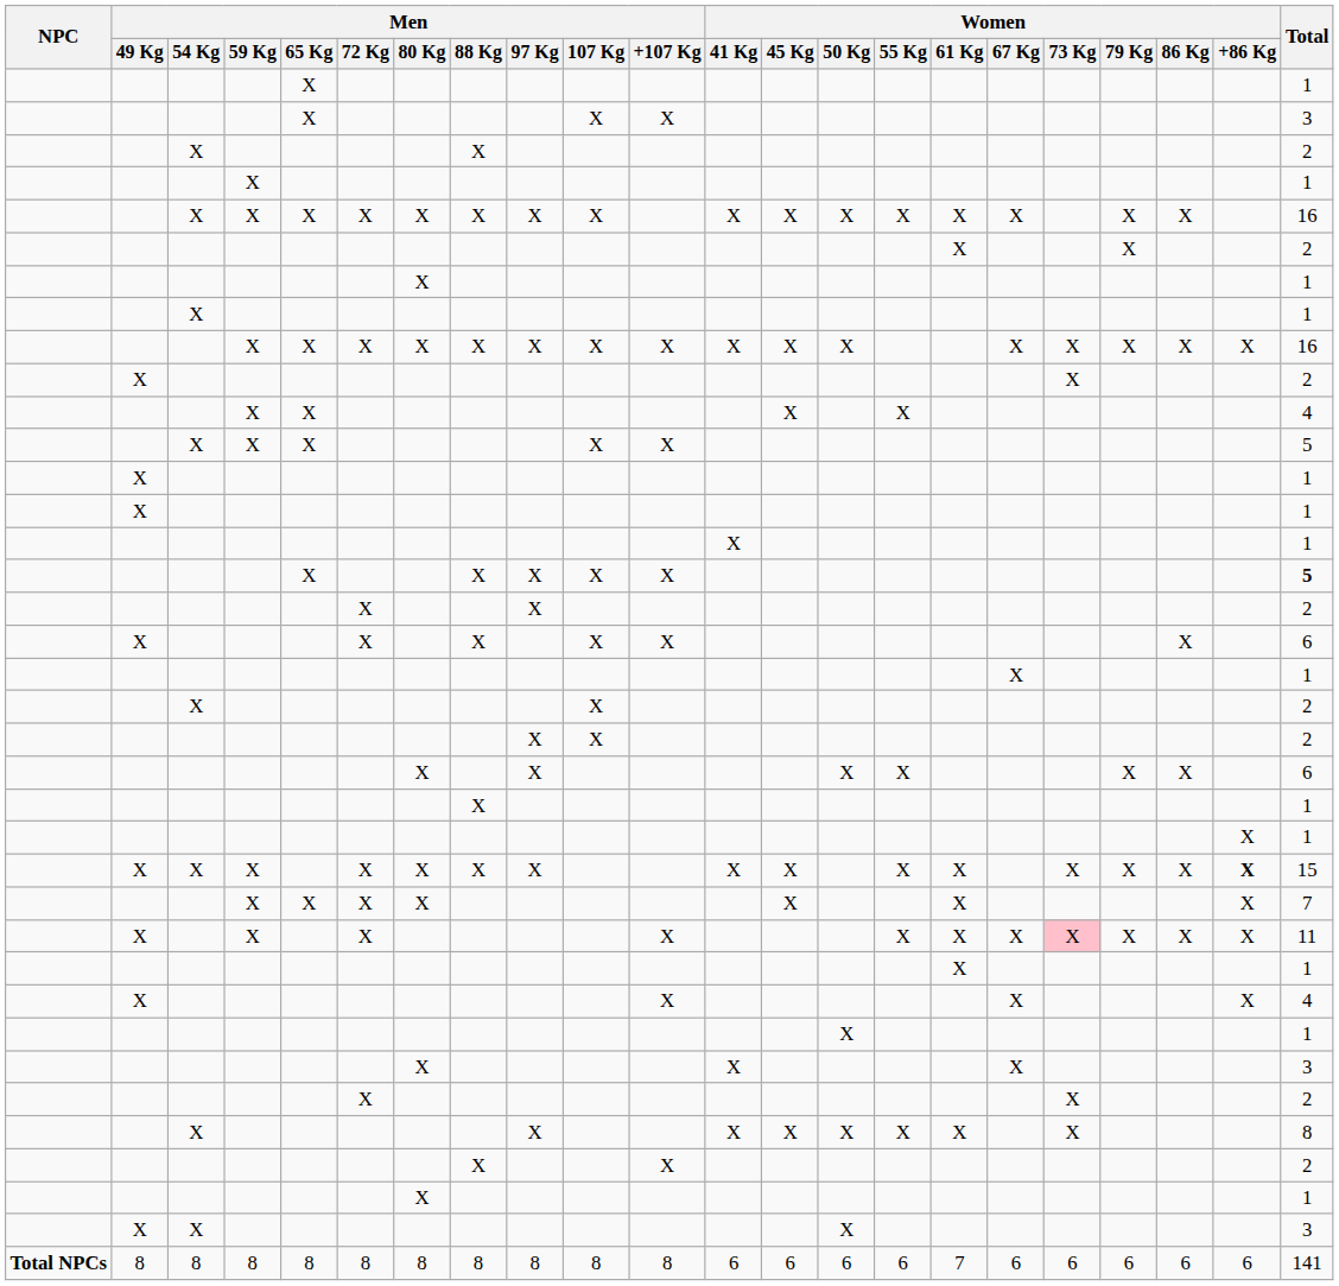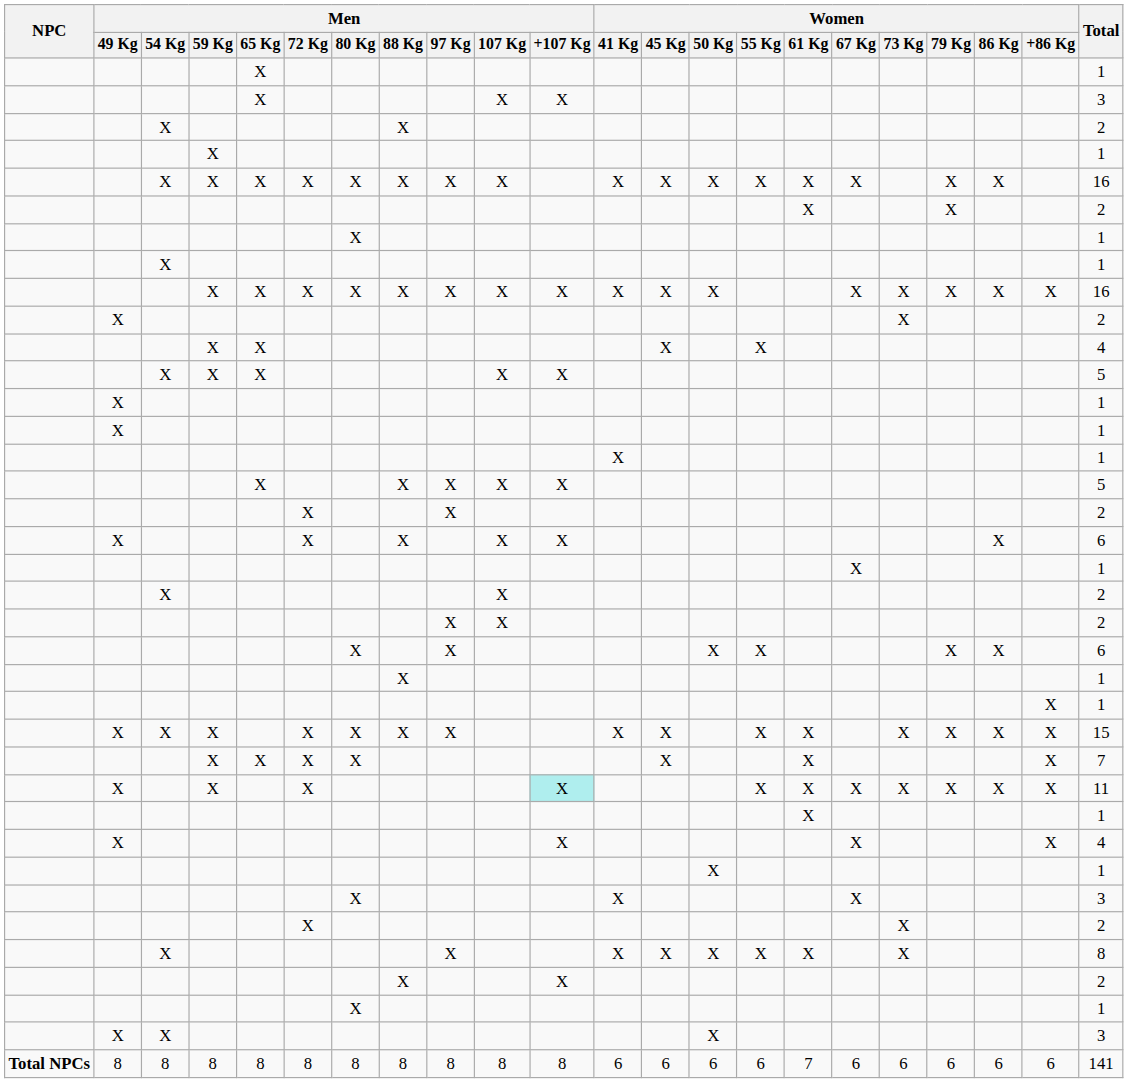 <table class="wikitable" style="font-size:90%;">
 <tr>
 <th rowspan=2>NPC</th>
 <th colspan=10>Men</th>
 <th colspan=10>Women</th>
 <th rowspan=2>Total</th>
 </tr>
 <tr style="font-size:95%">
 <th>49 Kg</th>
 <th>54 Kg</th>
 <th>59 Kg</th>
 <th>65 Kg</th>
 <th>72 Kg</th>
 <th>80 Kg</th>
 <th>88 Kg</th>
 <th>97 Kg</th>
 <th>107 Kg</th>
 <th>+107 Kg</th>
 <th>41 Kg</th>
 <th>45 Kg</th>
 <th>50 Kg</th>
 <th>55 Kg</th>
 <th>61 Kg</th>
 <th>67 Kg</th>
 <th>73 Kg</th>
 <th>79 Kg</th>
 <th>86 Kg</th>
 <th>+86 Kg</th>
 </tr>
 <tr align=center>
 <td align=left></td>
 <td></td>
 <td></td>
 <td></td>
 <td>X</td>
 <td></td>
 <td></td>
 <td></td>
 <td></td>
 <td></td>
 <td></td>
 <td></td>
 <td></td>
 <td></td>
 <td></td>
 <td></td>
 <td></td>
 <td></td>
 <td></td>
 <td></td>
 <td></td>
 <td>1</td>
 </tr>
 <tr align=center>
 <td align=left></td>
 <td></td>
 <td></td>
 <td></td>
 <td>X</td>
 <td></td>
 <td></td>
 <td></td>
 <td></td>
 <td>X</td>
 <td>X</td>
 <td></td>
 <td></td>
 <td></td>
 <td></td>
 <td></td>
 <td></td>
 <td></td>
 <td></td>
 <td></td>
 <td></td>
 <td>3</td>
 </tr>
 <tr align=center>
 <td align=left></td>
 <td></td>
 <td>X</td>
 <td></td>
 <td></td>
 <td></td>
 <td></td>
 <td>X</td>
 <td></td>
 <td></td>
 <td></td>
 <td></td>
 <td></td>
 <td></td>
 <td></td>
 <td></td>
 <td></td>
 <td></td>
 <td></td>
 <td></td>
 <td></td>
 <td>2</td>
 </tr>
 <tr align=center>
 <td align=left></td>
 <td></td>
 <td></td>
 <td>X</td>
 <td></td>
 <td></td>
 <td></td>
 <td></td>
 <td></td>
 <td></td>
 <td></td>
 <td></td>
 <td></td>
 <td></td>
 <td></td>
 <td></td>
 <td></td>
 <td></td>
 <td></td>
 <td></td>
 <td></td>
 <td>1</td>
 </tr>
 <tr align=center>
 <td align=left></td>
 <td></td>
 <td>X</td>
 <td>X</td>
 <td>X</td>
 <td>X</td>
 <td>X</td>
 <td>X</td>
 <td>X</td>
 <td>X</td>
 <td></td>
 <td>X</td>
 <td>X</td>
 <td>X</td>
 <td>X</td>
 <td>X</td>
 <td>X</td>
 <td></td>
 <td>X</td>
 <td>X</td>
 <td></td>
 <td>16</td>
 </tr>
 <tr align=center>
 <td align=left></td>
 <td></td>
 <td></td>
 <td></td>
 <td></td>
 <td></td>
 <td></td>
 <td></td>
 <td></td>
 <td></td>
 <td></td>
 <td></td>
 <td></td>
 <td></td>
 <td></td>
 <td>X</td>
 <td></td>
 <td></td>
 <td>X</td>
 <td></td>
 <td></td>
 <td>2</td>
 </tr>
 <tr align=center>
 <td align=left></td>
 <td></td>
 <td></td>
 <td></td>
 <td></td>
 <td></td>
 <td>X</td>
 <td></td>
 <td></td>
 <td></td>
 <td></td>
 <td></td>
 <td></td>
 <td></td>
 <td></td>
 <td></td>
 <td></td>
 <td></td>
 <td></td>
 <td></td>
 <td></td>
 <td>1</td>
 </tr>
 <tr align=center>
 <td align=left></td>
 <td></td>
 <td>X</td>
 <td></td>
 <td></td>
 <td></td>
 <td></td>
 <td></td>
 <td></td>
 <td></td>
 <td></td>
 <td></td>
 <td></td>
 <td></td>
 <td></td>
 <td></td>
 <td></td>
 <td></td>
 <td></td>
 <td></td>
 <td></td>
 <td>1</td>
 </tr>
 <tr align=center>
 <td align=left></td>
 <td></td>
 <td></td>
 <td>X</td>
 <td>X</td>
 <td>X</td>
 <td>X</td>
 <td>X</td>
 <td>X</td>
 <td>X</td>
 <td>X</td>
 <td>X</td>
 <td>X</td>
 <td>X</td>
 <td></td>
 <td></td>
 <td>X</td>
 <td>X</td>
 <td>X</td>
 <td>X</td>
 <td>X</td>
 <td>16</td>
 </tr>
 <tr align=center>
 <td align=left></td>
 <td>X</td>
 <td></td>
 <td></td>
 <td></td>
 <td></td>
 <td></td>
 <td></td>
 <td></td>
 <td></td>
 <td></td>
 <td></td>
 <td></td>
 <td></td>
 <td></td>
 <td></td>
 <td></td>
 <td>X</td>
 <td></td>
 <td></td>
 <td></td>
 <td>2</td>
 </tr>
 <tr align=center>
 <td align=left></td>
 <td></td>
 <td></td>
 <td>X</td>
 <td>X</td>
 <td></td>
 <td></td>
 <td></td>
 <td></td>
 <td></td>
 <td></td>
 <td></td>
 <td>X</td>
 <td></td>
 <td>X</td>
 <td></td>
 <td></td>
 <td></td>
 <td></td>
 <td></td>
 <td></td>
 <td>4</td>
 </tr>
 <tr align=center>
 <td align=left></td>
 <td></td>
 <td>X</td>
 <td>X</td>
 <td>X</td>
 <td></td>
 <td></td>
 <td></td>
 <td></td>
 <td>X</td>
 <td>X</td>
 <td></td>
 <td></td>
 <td></td>
 <td></td>
 <td></td>
 <td></td>
 <td></td>
 <td></td>
 <td></td>
 <td></td>
 <td>5</td>
 </tr>
 <tr align=center>
 <td align=left></td>
 <td>X</td>
 <td></td>
 <td></td>
 <td></td>
 <td></td>
 <td></td>
 <td></td>
 <td></td>
 <td></td>
 <td></td>
 <td></td>
 <td></td>
 <td></td>
 <td></td>
 <td></td>
 <td></td>
 <td></td>
 <td></td>
 <td></td>
 <td></td>
 <td>1</td>
 </tr>
 <tr align=center>
 <td align=left></td>
 <td>X</td>
 <td></td>
 <td></td>
 <td></td>
 <td></td>
 <td></td>
 <td></td>
 <td></td>
 <td></td>
 <td></td>
 <td></td>
 <td></td>
 <td></td>
 <td></td>
 <td></td>
 <td></td>
 <td></td>
 <td></td>
 <td></td>
 <td></td>
 <td>1</td>
 </tr>
 <tr align=center>
 <td align=left></td>
 <td></td>
 <td></td>
 <td></td>
 <td></td>
 <td></td>
 <td></td>
 <td></td>
 <td></td>
 <td></td>
 <td></td>
 <td>X</td>
 <td></td>
 <td></td>
 <td></td>
 <td></td>
 <td></td>
 <td></td>
 <td></td>
 <td></td>
 <td></td>
 <td>1</td>
 </tr>
 <tr align=center>
 <td align=left></td>
 <td></td>
 <td></td>
 <td></td>
 <td>X</td>
 <td></td>
 <td></td>
 <td>X</td>
 <td>X</td>
 <td>X</td>
 <td>X</td>
 <td></td>
 <td></td>
 <td></td>
 <td></td>
 <td></td>
 <td></td>
 <td></td>
 <td></td>
 <td></td>
 <td></td>
-<td><strong>5</strong></td>
+<td>5</td>
 </tr>
 <tr align=center>
 <td align=left></td>
 <td></td>
 <td></td>
 <td></td>
 <td></td>
 <td>X</td>
 <td></td>
 <td></td>
 <td>X</td>
 <td></td>
 <td></td>
 <td></td>
 <td></td>
 <td></td>
 <td></td>
 <td></td>
 <td></td>
 <td></td>
 <td></td>
 <td></td>
 <td></td>
 <td>2</td>
 </tr>
 <tr align=center>
 <td align=left></td>
 <td>X</td>
 <td></td>
 <td></td>
 <td></td>
 <td>X</td>
 <td></td>
 <td>X</td>
 <td></td>
 <td>X</td>
 <td>X</td>
 <td></td>
 <td></td>
 <td></td>
 <td></td>
 <td></td>
 <td></td>
 <td></td>
 <td></td>
 <td>X</td>
 <td></td>
 <td>6</td>
 </tr>
 <tr align=center>
 <td align=left></td>
 <td></td>
 <td></td>
 <td></td>
 <td></td>
 <td></td>
 <td></td>
 <td></td>
 <td></td>
 <td></td>
 <td></td>
 <td></td>
 <td></td>
 <td></td>
 <td></td>
 <td></td>
 <td>X</td>
 <td></td>
 <td></td>
 <td></td>
 <td></td>
 <td>1</td>
 </tr>
 <tr align=center>
 <td align=left></td>
 <td></td>
 <td>X</td>
 <td></td>
 <td></td>
 <td></td>
 <td></td>
 <td></td>
 <td></td>
 <td>X</td>
 <td></td>
 <td></td>
 <td></td>
 <td></td>
 <td></td>
 <td></td>
 <td></td>
 <td></td>
 <td></td>
 <td></td>
 <td></td>
 <td>2</td>
 </tr>
 <tr align=center>
 <td align=left></td>
 <td></td>
 <td></td>
 <td></td>
 <td></td>
 <td></td>
 <td></td>
 <td></td>
 <td>X</td>
 <td>X</td>
 <td></td>
 <td></td>
 <td></td>
 <td></td>
 <td></td>
 <td></td>
 <td></td>
 <td></td>
 <td></td>
 <td></td>
 <td></td>
 <td>2</td>
 </tr>
 <tr align=center>
 <td align=left></td>
 <td></td>
 <td></td>
 <td></td>
 <td></td>
 <td></td>
 <td>X</td>
 <td></td>
 <td>X</td>
 <td></td>
 <td></td>
 <td></td>
 <td></td>
 <td>X</td>
 <td>X</td>
 <td></td>
 <td></td>
 <td></td>
 <td>X</td>
 <td>X</td>
 <td></td>
 <td>6</td>
 </tr>
 <tr align=center>
 <td align=left></td>
 <td></td>
 <td></td>
 <td></td>
 <td></td>
 <td></td>
 <td></td>
 <td>X</td>
 <td></td>
 <td></td>
 <td></td>
 <td></td>
 <td></td>
 <td></td>
 <td></td>
 <td></td>
 <td></td>
 <td></td>
 <td></td>
 <td></td>
 <td></td>
 <td>1</td>
 </tr>
 <tr align=center>
 <td align=left></td>
 <td></td>
 <td></td>
 <td></td>
 <td></td>
 <td></td>
 <td></td>
 <td></td>
 <td></td>
 <td></td>
 <td></td>
 <td></td>
 <td></td>
 <td></td>
 <td></td>
 <td></td>
 <td></td>
 <td></td>
 <td></td>
 <td></td>
 <td>X</td>
 <td>1</td>
 </tr>
 <tr align=center>
 <td align=left></td>
 <td>X</td>
 <td>X</td>
 <td>X</td>
 <td></td>
 <td>X</td>
 <td>X</td>
 <td>X</td>
 <td>X</td>
 <td></td>
 <td></td>
 <td>X</td>
 <td>X</td>
 <td></td>
 <td>X</td>
 <td>X</td>
 <td></td>
 <td>X</td>
 <td>X</td>
 <td>X</td>
-<td><strong>X</strong></td>
+<td>X</td>
 <td>15</td>
 </tr>
 <tr align=center>
 <td align=left></td>
 <td></td>
 <td></td>
 <td>X</td>
 <td>X</td>
 <td>X</td>
 <td>X</td>
 <td></td>
 <td></td>
 <td></td>
 <td></td>
 <td></td>
 <td>X</td>
 <td></td>
 <td></td>
 <td>X</td>
 <td></td>
 <td></td>
 <td></td>
 <td></td>
 <td>X</td>
 <td>7</td>
 </tr>
 <tr align=center>
 <td align=left></td>
 <td>X</td>
 <td></td>
 <td>X</td>
 <td></td>
 <td>X</td>
 <td></td>
 <td></td>
 <td></td>
 <td></td>
-<td>X</td>
+<td style="background: paleturquoise;">X</td>
 <td></td>
 <td></td>
 <td></td>
 <td>X</td>
 <td>X</td>
 <td>X</td>
-<td style="background: pink;">X</td>
+<td>X</td>
 <td>X</td>
 <td>X</td>
 <td>X</td>
 <td>11</td>
 </tr>
 <tr align=center>
 <td align=left></td>
 <td></td>
 <td></td>
 <td></td>
 <td></td>
 <td></td>
 <td></td>
 <td></td>
 <td></td>
 <td></td>
 <td></td>
 <td></td>
 <td></td>
 <td></td>
 <td></td>
 <td>X</td>
 <td></td>
 <td></td>
 <td></td>
 <td></td>
 <td></td>
 <td>1</td>
 </tr>
 <tr align=center>
 <td align=left></td>
 <td>X</td>
 <td></td>
 <td></td>
 <td></td>
 <td></td>
 <td></td>
 <td></td>
 <td></td>
 <td></td>
 <td>X</td>
 <td></td>
 <td></td>
 <td></td>
 <td></td>
 <td></td>
 <td>X</td>
 <td></td>
 <td></td>
 <td></td>
 <td>X</td>
 <td>4</td>
 </tr>
 <tr align=center>
 <td align=left></td>
 <td></td>
 <td></td>
 <td></td>
 <td></td>
 <td></td>
 <td></td>
 <td></td>
 <td></td>
 <td></td>
 <td></td>
 <td></td>
 <td></td>
 <td>X</td>
 <td></td>
 <td></td>
 <td></td>
 <td></td>
 <td></td>
 <td></td>
 <td></td>
 <td>1</td>
 </tr>
 <tr align=center>
 <td align=left></td>
 <td></td>
 <td></td>
 <td></td>
 <td></td>
 <td></td>
 <td>X</td>
 <td></td>
 <td></td>
 <td></td>
 <td></td>
 <td>X</td>
 <td></td>
 <td></td>
 <td></td>
 <td></td>
 <td>X</td>
 <td></td>
 <td></td>
 <td></td>
 <td></td>
 <td>3</td>
 </tr>
 <tr align=center>
 <td align=left></td>
 <td></td>
 <td></td>
 <td></td>
 <td></td>
 <td>X</td>
 <td></td>
 <td></td>
 <td></td>
 <td></td>
 <td></td>
 <td></td>
 <td></td>
 <td></td>
 <td></td>
 <td></td>
 <td></td>
 <td>X</td>
 <td></td>
 <td></td>
 <td></td>
 <td>2</td>
 </tr>
 <tr align=center>
 <td align=left></td>
 <td></td>
 <td>X</td>
 <td></td>
 <td></td>
 <td></td>
 <td></td>
 <td></td>
 <td>X</td>
 <td></td>
 <td></td>
 <td>X</td>
 <td>X</td>
 <td>X</td>
 <td>X</td>
 <td>X</td>
 <td></td>
 <td>X</td>
 <td></td>
 <td></td>
 <td></td>
 <td>8</td>
 </tr>
 <tr align=center>
 <td align=left></td>
 <td></td>
 <td></td>
 <td></td>
 <td></td>
 <td></td>
 <td></td>
 <td>X</td>
 <td></td>
 <td></td>
 <td>X</td>
 <td></td>
 <td></td>
 <td></td>
 <td></td>
 <td></td>
 <td></td>
 <td></td>
 <td></td>
 <td></td>
 <td></td>
 <td>2</td>
 </tr>
 <tr align=center>
 <td align=left></td>
 <td></td>
 <td></td>
 <td></td>
 <td></td>
 <td></td>
 <td>X</td>
 <td></td>
 <td></td>
 <td></td>
 <td></td>
 <td></td>
 <td></td>
 <td></td>
 <td></td>
 <td></td>
 <td></td>
 <td></td>
 <td></td>
 <td></td>
 <td></td>
 <td>1</td>
 </tr>
 <tr align=center>
 <td align=left></td>
 <td>X</td>
 <td>X</td>
 <td></td>
 <td></td>
 <td></td>
 <td></td>
 <td></td>
 <td></td>
 <td></td>
 <td></td>
 <td></td>
 <td></td>
 <td>X</td>
 <td></td>
 <td></td>
 <td></td>
 <td></td>
 <td></td>
 <td></td>
 <td></td>
 <td>3</td>
 </tr>
 <tr align=center>
 <td align=left><strong>Total NPCs</strong></td>
 <td>8</td>
 <td>8</td>
 <td>8</td>
 <td>8</td>
 <td>8</td>
 <td>8</td>
 <td>8</td>
 <td>8</td>
 <td>8</td>
 <td>8</td>
 <td>6</td>
 <td>6</td>
 <td>6</td>
 <td>6</td>
 <td>7</td>
 <td>6</td>
 <td>6</td>
 <td>6</td>
 <td>6</td>
 <td>6</td>
 <td>141</td>
 </tr>
 </table>
